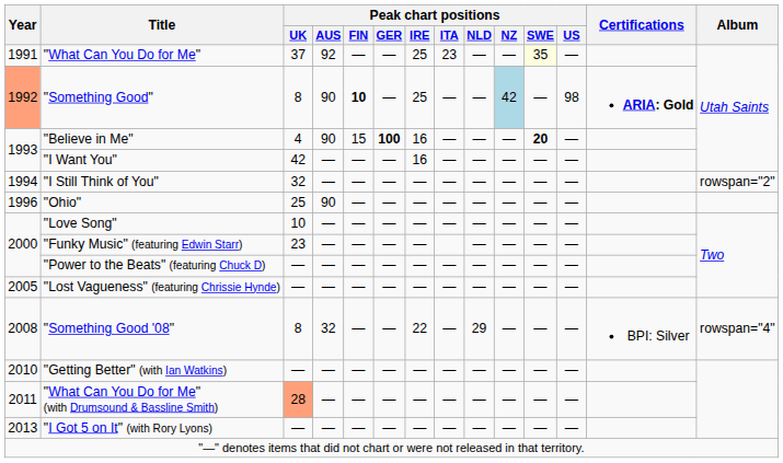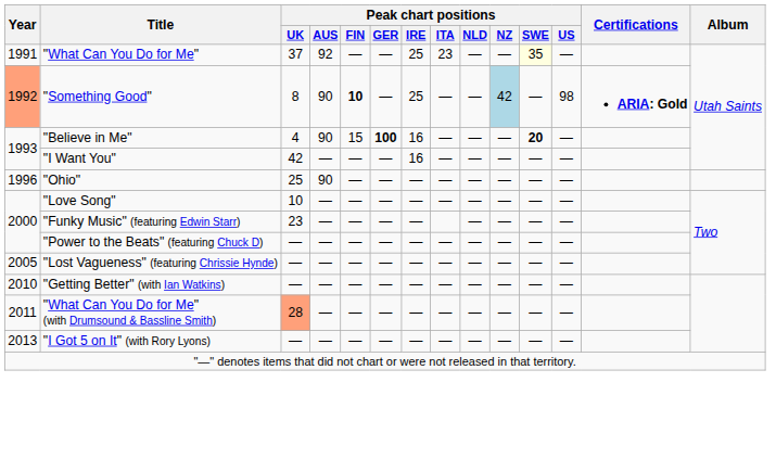 <table class="wikitable" style="text-align:center;">
 <tr>
 <th rowspan="2">Year</th>
 <th rowspan="2">Title</th>
 <th colspan="10">Peak chart positions</th>
 <th rowspan="2"><a href='#'>Certifications</a></th>
 <th rowspan="2">Album</th>
 </tr>
 <tr>
 <th style="width:2em;font-size:90%;"><a href='#'>UK</a><br></th>
 <th style="width:2em;font-size:90%;"><a href='#'>AUS</a><br></th>
 <th style="width:2em;font-size:90%;"><a href='#'>FIN</a><br></th>
 <th style="width:2em;font-size:90%;"><a href='#'>GER</a><br></th>
 <th style="width:2em;font-size:90%;"><a href='#'>IRE</a><br></th>
 <th style="width:2em;font-size:90%;"><a href='#'>ITA</a><br></th>
 <th style="width:2em;font-size:90%;"><a href='#'>NLD</a><br></th>
 <th style="width:2em;font-size:90%;"><a href='#'>NZ</a><br></th>
 <th style="width:2em;font-size:90%;"><a href='#'>SWE</a><br></th>
 <th style="width:2em;font-size:90%;"><a href='#'>US</a><br></th>
 </tr>
 <tr>
 <td>1991</td>
 <td style="text-align:left;">"<a href='#'>What Can You Do for Me</a>"</td>
 <td>37</td>
 <td>92</td>
 <td>—</td>
 <td>—</td>
 <td>25</td>
 <td>23</td>
 <td>—</td>
 <td>—</td>
 <td style="background: lightyellow;">35</td>
 <td>—</td>
 <td></td>
 <td style="text-align:left;" rowspan="4"><em><a href='#'>Utah Saints</a></em></td>
 </tr>
 <tr>
 <td style="background: lightsalmon;">1992</td>
 <td style="text-align:left;">"<a href='#'>Something Good</a>"</td>
 <td>8</td>
 <td>90</td>
 <td><strong>10</strong></td>
 <td>—</td>
 <td>25</td>
 <td>—</td>
 <td>—</td>
 <td style="background: lightblue;">42</td>
 <td>—</td>
 <td>98</td>
 <td><strong><br><ul><li><a href='#'>ARIA</a>: Gold</li></ul></strong></td>
 </tr>
 <tr>
 <td rowspan="2">1993</td>
 <td style="text-align:left;">"Believe in Me"</td>
 <td>4</td>
 <td>90</td>
 <td>15</td>
 <td><strong>100</strong></td>
 <td>16</td>
 <td>—</td>
 <td>—</td>
 <td>—</td>
 <td><strong>20</strong></td>
 <td>—</td>
 <td></td>
 </tr>
 <tr>
 <td style="text-align:left;">"I Want You"</td>
 <td>42</td>
 <td>—</td>
 <td>—</td>
 <td>—</td>
 <td>16</td>
 <td>—</td>
 <td>—</td>
 <td>—</td>
 <td>—</td>
 <td>—</td>
 <td></td>
 </tr>
 <tr>
-<td>1994</td>
-<td style="text-align:left;">"I Still Think of You"</td>
-<td>32</td>
-<td>—</td>
-<td>—</td>
-<td>—</td>
-<td>—</td>
-<td>—</td>
-<td>—</td>
-<td>—</td>
-<td>—</td>
-<td>—</td>
-<td></td>
-<td>rowspan="2" </td>
-</tr>
-<tr>
 <td>1996</td>
 <td style="text-align:left;">"Ohio"</td>
 <td>25</td>
 <td>90</td>
 <td>—</td>
 <td>—</td>
 <td>—</td>
 <td>—</td>
 <td>—</td>
 <td>—</td>
 <td>—</td>
 <td>—</td>
 <td></td>
 </tr>
 <tr>
 <td rowspan="3">2000</td>
 <td style="text-align:left;">"Love Song"</td>
 <td>10</td>
 <td>—</td>
 <td>—</td>
 <td>—</td>
 <td>—</td>
 <td>—</td>
 <td>—</td>
 <td>—</td>
 <td>—</td>
 <td>—</td>
 <td></td>
 <td align="left" rowspan="4"><em><a href='#'>Two</a></em></td>
 </tr>
 <tr>
 <td style="text-align:left;">"Funky Music" <small>(featuring <a href='#'>Edwin Starr</a>)</small></td>
 <td>23</td>
 <td>—</td>
 <td>—</td>
 <td>—</td>
 <td>—</td>
 <td></td>
 <td>—</td>
 <td>—</td>
 <td>—</td>
 <td>—</td>
 <td></td>
 </tr>
 <tr>
 <td style="text-align:left;">"Power to the Beats" <small>(featuring <a href='#'>Chuck D</a>)</small></td>
 <td>—</td>
 <td>—</td>
 <td>—</td>
 <td>—</td>
 <td>—</td>
 <td>—</td>
 <td>—</td>
 <td>—</td>
 <td>—</td>
 <td>—</td>
 <td></td>
 </tr>
 <tr>
 <td>2005</td>
 <td style="text-align:left;">"Lost Vagueness" <small>(featuring <a href='#'>Chrissie Hynde</a>)</small></td>
 <td>—</td>
 <td>—</td>
 <td>—</td>
 <td>—</td>
 <td>—</td>
 <td>—</td>
 <td>—</td>
 <td>—</td>
 <td>—</td>
 <td>—</td>
 <td></td>
 </tr>
 <tr>
-<td>2008</td>
-<td style="text-align:left;">"<a href='#'>Something Good '08</a>"</td>
-<td>8</td>
-<td>32</td>
-<td>—</td>
-<td>—</td>
-<td>22</td>
-<td>—</td>
-<td>29</td>
-<td>—</td>
-<td>—</td>
-<td>—</td>
-<td><br><ul><li>BPI: Silver</li></ul></td>
-<td>rowspan="4" </td>
-</tr>
-<tr>
 <td>2010</td>
 <td style="text-align:left;">"Getting Better" <small>(with <a href='#'>Ian Watkins</a>)</small></td>
 <td>—</td>
 <td>—</td>
 <td>—</td>
 <td>—</td>
 <td>—</td>
 <td>—</td>
 <td>—</td>
 <td>—</td>
 <td>—</td>
 <td>—</td>
 <td></td>
 </tr>
 <tr>
 <td>2011</td>
 <td style="text-align:left;">"<a href='#'>What Can You Do for Me</a>"<br><small>(with <a href='#'>Drumsound & Bassline Smith</a>)</small></td>
 <td style="background: lightsalmon;">28</td>
 <td>—</td>
 <td>—</td>
 <td>—</td>
 <td>—</td>
 <td>—</td>
 <td>—</td>
 <td>—</td>
 <td>—</td>
 <td>—</td>
 <td></td>
 </tr>
 <tr>
 <td>2013</td>
 <td style="text-align:left;">"<a href='#'>I Got 5 on It</a>" <small>(with Rory Lyons)</small></td>
 <td>—</td>
 <td>—</td>
 <td>—</td>
 <td>—</td>
 <td>—</td>
 <td>—</td>
 <td>—</td>
 <td>—</td>
 <td>—</td>
 <td>—</td>
 <td></td>
 </tr>
 <tr>
 <td colspan="14" style="font-size:90%">"—" denotes items that did not chart or were not released in that territory.</td>
 </tr>
 </table>
